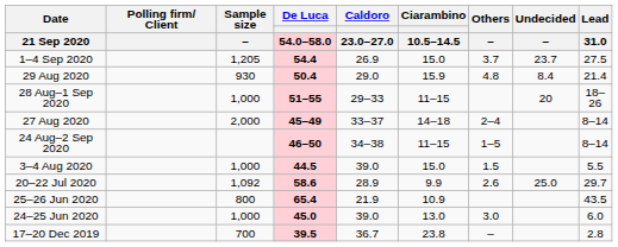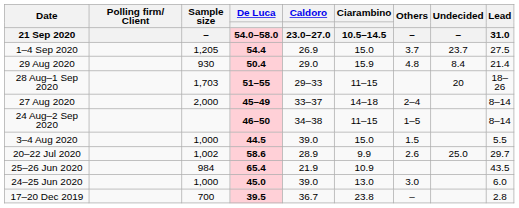 <table class="wikitable collapsible collapsed" style="text-align:center;font-size:85%;line-height:13px">
 <tr>
 <th style="width:110px;" rowspan="2">Date</th>
 <th style="width:120px;" rowspan="2">Polling firm/<br>Client</th>
 <th style="width:60px;" rowspan="2">Sample size</th>
 <th style="width:65px;"><a href='#'>De Luca</a></th>
 <th style="width:65px;"><a href='#'>Caldoro</a></th>
 <th style="width:65px;">Ciarambino</th>
 <th style="width:35px;" rowspan="2">Others</th>
 <th style="width:35px;" rowspan="2">Undecided</th>
 <th style="width:25px;" rowspan="2">Lead</th>
 </tr>
 <tr>
 <th style="background:"></th>
 <th style="background:"></th>
 <th style="background:"></th>
 </tr>
 <tr>
 <th>21 Sep 2020</th>
 <th></th>
 <th>–</th>
 <th style="background:#FFD0D7"><strong>54.0–58.0</strong></th>
 <th>23.0–27.0</th>
 <th>10.5–14.5</th>
 <th>–</th>
 <th>–</th>
 <th style="background:">31.0</th>
 </tr>
 <tr>
 <td>1–4 Sep 2020</td>
 <td></td>
 <td>1,205</td>
 <td style="background:#FFD0D7"><strong>54.4</strong></td>
 <td>26.9</td>
 <td>15.0</td>
 <td>3.7</td>
 <td>23.7</td>
 <td style="background:">27.5</td>
 </tr>
 <tr>
 <td>29 Aug 2020</td>
 <td></td>
 <td>930</td>
 <td style="background:#FFD0D7"><strong>50.4</strong></td>
 <td>29.0</td>
 <td>15.9</td>
 <td>4.8</td>
 <td>8.4</td>
 <td style="background:">21.4</td>
 </tr>
 <tr>
 <td>28 Aug–1 Sep 2020</td>
 <td></td>
-<td>1,000</td>
+<td>1,703</td>
 <td style="background:#FFD0D7"><strong>51–55</strong></td>
 <td>29–33</td>
 <td>11–15</td>
 <td></td>
 <td>20</td>
 <td style="background:">18–26</td>
 </tr>
 <tr>
 <td>27 Aug 2020</td>
 <td></td>
 <td>2,000</td>
 <td style="background:#FFD0D7"><strong>45–49</strong></td>
 <td>33–37</td>
 <td>14–18</td>
 <td>2–4</td>
 <td></td>
 <td style="background:">8–14</td>
 </tr>
 <tr>
 <td>24 Aug–2 Sep 2020</td>
 <td></td>
 <td></td>
 <td style="background:#FFD0D7"><strong>46–50</strong></td>
 <td>34–38</td>
 <td>11–15</td>
 <td>1–5</td>
 <td></td>
 <td style="background:">8–14</td>
 </tr>
 <tr>
 <td>3–4 Aug 2020</td>
 <td></td>
 <td>1,000</td>
 <td style="background:#FFD0D7"><strong>44.5</strong></td>
 <td>39.0</td>
 <td>15.0</td>
 <td>1.5</td>
 <td></td>
 <td style="background:">5.5</td>
 </tr>
 <tr>
 <td>20–22 Jul 2020</td>
 <td></td>
-<td>1,092</td>
+<td>1,002</td>
 <td style="background:#FFD0D7"><strong>58.6</strong></td>
 <td>28.9</td>
 <td>9.9</td>
 <td>2.6</td>
 <td>25.0</td>
 <td style="background:">29.7</td>
 </tr>
 <tr>
 <td>25–26 Jun 2020</td>
 <td></td>
-<td>800</td>
+<td>984</td>
 <td style="background:#FFD0D7"><strong>65.4</strong></td>
 <td>21.9</td>
 <td>10.9</td>
 <td></td>
 <td></td>
 <td style="background:">43.5</td>
 </tr>
 <tr>
 <td>24–25 Jun 2020</td>
 <td></td>
 <td>1,000</td>
 <td style="background:#FFD0D7"><strong>45.0</strong></td>
 <td>39.0</td>
 <td>13.0</td>
 <td>3.0</td>
 <td></td>
 <td style="background:">6.0</td>
 </tr>
 <tr>
 <td>17–20 Dec 2019</td>
 <td></td>
 <td>700</td>
 <td style="background:#FFD0D7"><strong>39.5</strong></td>
 <td>36.7</td>
 <td>23.8</td>
 <td>–</td>
 <td></td>
 <td style="background:">2.8</td>
 </tr>
 </table>
